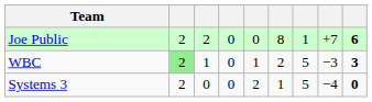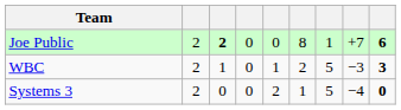 <table class="wikitable" style="text-align: center;">
 <tr>
 <th width="175">Team</th>
 <th width="20"></th>
 <th width="20"></th>
 <th width="20"></th>
 <th width="20"></th>
 <th width="20"></th>
 <th width="20"></th>
 <th width="20"></th>
 <th width="20"></th>
 </tr>
 <tr bgcolor="#ccffcc">
 <td align=left> <a href='#'>Joe Public</a></td>
 <td>2</td>
-<td>2</td>
+<td><strong>2</strong></td>
 <td>0</td>
 <td>0</td>
 <td>8</td>
 <td>1</td>
 <td>+7</td>
 <td><strong>6</strong></td>
 </tr>
 <tr>
 <td align=left> <a href='#'>WBC</a></td>
-<td style="background: lightgreen;">2</td>
+<td>2</td>
 <td>1</td>
 <td>0</td>
 <td>1</td>
 <td>2</td>
 <td>5</td>
 <td>−3</td>
 <td><strong>3</strong></td>
 </tr>
 <tr>
 <td align=left> <a href='#'>Systems 3</a></td>
 <td>2</td>
 <td>0</td>
 <td>0</td>
 <td>2</td>
 <td>1</td>
 <td>5</td>
 <td>−4</td>
 <td><strong>0</strong></td>
 </tr>
 </table>
